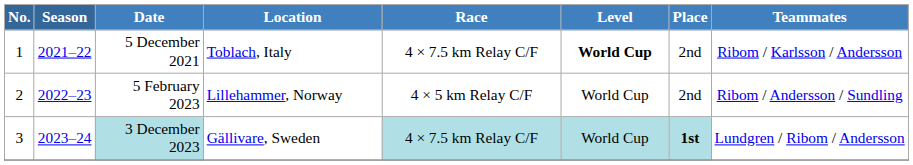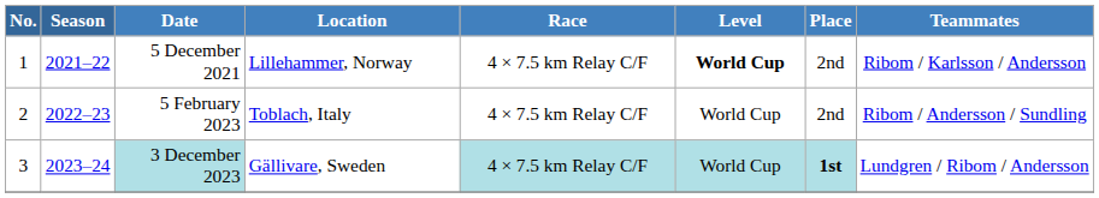 <table class="wikitable sortable" style="font-size:95%; text-align:center; border:grey solid 1px; border-collapse:collapse; background:#ffffff;">
 <tr style="background:#efefef;">
 <th style="background-color:#369; color:white;">No.</th>
 <th style="background-color:#369; color:white;">Season</th>
 <th style="background-color:#4180be; color:white; width:100px;">Date</th>
 <th style="background-color:#4180be; color:white; width:170px;">Location</th>
 <th style="background-color:#4180be; color:white; width:170px;">Race</th>
 <th style="background-color:#4180be; color:white; width:100px;">Level</th>
 <th style="background-color:#4180be; color:white;">Place</th>
 <th style="background-color:#4180be; color:white;">Teammates</th>
 </tr>
 <tr>
 <td align=center>1</td>
 <td rowspan=1 align=center><a href='#'>2021–22</a></td>
 <td align=right>5 December 2021</td>
-<td align=left> <a href='#'>Toblach</a>, Italy</td>
+<td align=left> <a href='#'>Lillehammer</a>, Norway</td>
 <td>4 × 7.5 km Relay C/F</td>
 <td><strong>World Cup</strong></td>
 <td>2nd</td>
 <td><a href='#'>Ribom</a> / <a href='#'>Karlsson</a> / <a href='#'>Andersson</a></td>
 </tr>
 <tr>
 <td align=center>2</td>
 <td rowspan=1 align=center><a href='#'>2022–23</a></td>
 <td align=right>5 February 2023</td>
-<td align=left> <a href='#'>Lillehammer</a>, Norway</td>
-<td>4 × 5 km Relay C/F</td>
+<td align=left> <a href='#'>Toblach</a>, Italy</td>
+<td>4 × 7.5 km Relay C/F</td>
 <td>World Cup</td>
 <td>2nd</td>
 <td><a href='#'>Ribom</a> / <a href='#'>Andersson</a> / <a href='#'>Sundling</a></td>
 </tr>
 <tr>
 <td align=center>3</td>
 <td rowspan=1 align=center><a href='#'>2023–24</a></td>
 <td bgcolor="#BOEOE6" align=right>3 December 2023</td>
 <td align=left> <a href='#'>Gällivare</a>, Sweden</td>
 <td bgcolor="#BOEOE6">4 × 7.5 km Relay C/F</td>
 <td bgcolor="#BOEOE6">World Cup</td>
 <td bgcolor="#BOEOE6"><strong>1st</strong></td>
 <td><a href='#'>Lundgren</a> / <a href='#'>Ribom</a> / <a href='#'>Andersson</a></td>
 </tr>
 <tr>
 </tr>
 </table>
